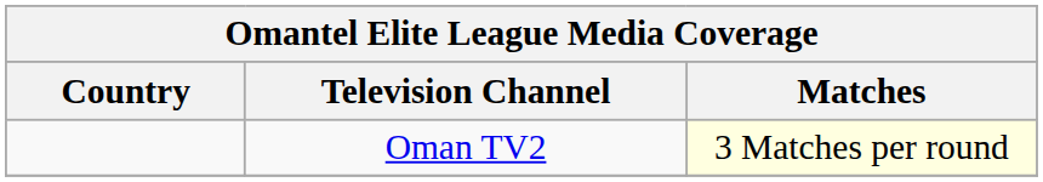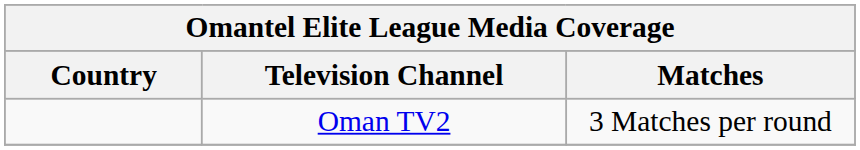 <table class="wikitable" style="text-align:center">
 <tr>
 <th colspan=3>Omantel Elite League Media Coverage</th>
 </tr>
 <tr>
 <th style="width:100px;">Country</th>
 <th style="width:190px;">Television Channel</th>
 <th style="width:150px;">Matches</th>
 </tr>
 <tr>
 <td></td>
 <td><a href='#'>Oman TV2</a></td>
-<td style="background: lightyellow;">3 Matches per round</td>
+<td>3 Matches per round</td>
 </tr>
 <tr>
 </tr>
 </table>
